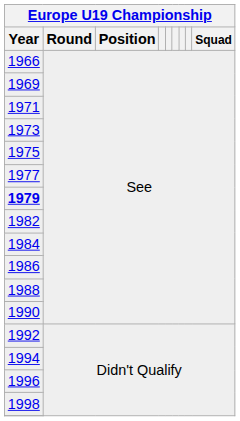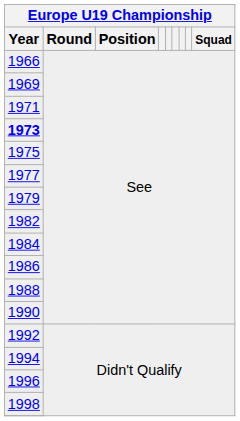 <table class="wikitable" style="text-align: center;">
 <tr>
 <th colspan=9><a href='#'>Europe U19 Championship</a></th>
 </tr>
 <tr>
 <th>Year</th>
 <th>Round</th>
 <th>Position</th>
 <th></th>
 <th></th>
 <th></th>
 <th></th>
 <th></th>
 <th><small>Squad</small></th>
 </tr>
 <tr bgcolor="efefef">
 <td> <a href='#'>1966</a></td>
 <td colspan=8 rowspan=12>See </td>
 </tr>
 <tr bgcolor="efefef">
 <td> <a href='#'>1969</a></td>
 </tr>
 <tr bgcolor="efefef">
 <td> <a href='#'>1971</a></td>
 </tr>
 <tr bgcolor="efefef">
-<td> <a href='#'>1973</a></td>
+<td><strong> <a href='#'>1973</a></strong></td>
 </tr>
 <tr bgcolor="efefef">
 <td> <a href='#'>1975</a></td>
 </tr>
 <tr bgcolor="efefef">
 <td> <a href='#'>1977</a></td>
 </tr>
 <tr bgcolor="efefef">
-<td><strong> <a href='#'>1979</a></strong></td>
+<td> <a href='#'>1979</a></td>
 </tr>
 <tr bgcolor="efefef">
 <td> <a href='#'>1982</a></td>
 </tr>
 <tr bgcolor="efefef">
 <td> <a href='#'>1984</a></td>
 </tr>
 <tr bgcolor="efefef">
 <td> <a href='#'>1986</a></td>
 </tr>
 <tr bgcolor="efefef">
 <td> <a href='#'>1988</a></td>
 </tr>
 <tr bgcolor="efefef">
 <td> <a href='#'>1990</a></td>
 </tr>
 <tr bgcolor="efefef">
 <td> <a href='#'>1992</a></td>
 <td colspan=8 rowspan=5>Didn't Qualify</td>
 </tr>
 <tr bgcolor="efefef">
 <td> <a href='#'>1994</a></td>
 </tr>
 <tr bgcolor="efefef">
 <td> <a href='#'>1996</a></td>
 </tr>
 <tr bgcolor="efefef">
 <td> <a href='#'>1998</a></td>
 </tr>
 <tr>
 </tr>
 </table>
